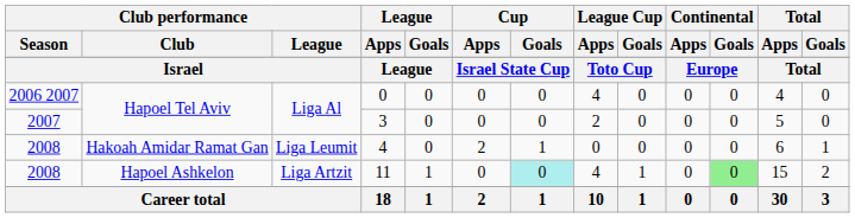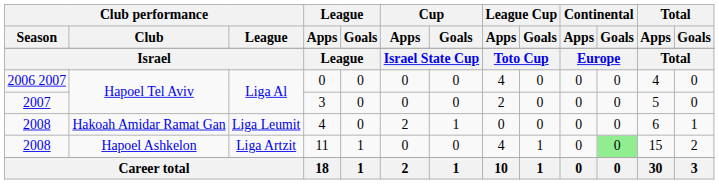 <table class="wikitable" style="text-align:center">
 <tr>
 <th colspan=3>Club performance</th>
 <th colspan=2>League</th>
 <th colspan=2>Cup</th>
 <th colspan=2>League Cup</th>
 <th colspan=2>Continental</th>
 <th colspan=2>Total</th>
 </tr>
 <tr>
 <th>Season</th>
 <th>Club</th>
 <th>League</th>
 <th>Apps</th>
 <th>Goals</th>
 <th>Apps</th>
 <th>Goals</th>
 <th>Apps</th>
 <th>Goals</th>
 <th>Apps</th>
 <th>Goals</th>
 <th>Apps</th>
 <th>Goals</th>
 </tr>
 <tr>
 </tr>
 <tr>
 <th colspan=3>Israel</th>
 <th colspan=2>League</th>
 <th colspan=2><a href='#'>Israel State Cup</a></th>
 <th colspan=2><a href='#'>Toto Cup</a></th>
 <th colspan=2><a href='#'>Europe</a></th>
 <th colspan=2>Total</th>
 </tr>
 <tr>
 <td><a href='#'>2006 2007</a></td>
 <td rowspan="2"><a href='#'>Hapoel Tel Aviv</a></td>
 <td rowspan="2"><a href='#'>Liga Al</a></td>
 <td>0</td>
 <td>0</td>
 <td>0</td>
 <td>0</td>
 <td>4</td>
 <td>0</td>
 <td>0</td>
 <td>0</td>
 <td>4</td>
 <td>0</td>
 </tr>
 <tr>
 <td><a href='#'>2007</a></td>
 <td>3</td>
 <td>0</td>
 <td>0</td>
 <td>0</td>
 <td>2</td>
 <td>0</td>
 <td>0</td>
 <td>0</td>
 <td>5</td>
 <td>0</td>
 </tr>
 <tr>
 <td><a href='#'>2008</a></td>
 <td><a href='#'>Hakoah Amidar Ramat Gan</a></td>
 <td><a href='#'>Liga Leumit</a></td>
 <td>4</td>
 <td>0</td>
 <td>2</td>
 <td>1</td>
 <td>0</td>
 <td>0</td>
 <td>0</td>
 <td>0</td>
 <td>6</td>
 <td>1</td>
 </tr>
 <tr>
 <td><a href='#'>2008</a></td>
 <td><a href='#'>Hapoel Ashkelon</a></td>
 <td><a href='#'>Liga Artzit</a></td>
 <td>11</td>
 <td>1</td>
 <td>0</td>
-<td style="background: paleturquoise;">0</td>
+<td>0</td>
 <td>4</td>
 <td>1</td>
 <td>0</td>
 <td style="background: lightgreen;">0</td>
 <td>15</td>
 <td>2</td>
 </tr>
 <tr>
 </tr>
 <tr>
 <th colspan=3>Career total</th>
 <th>18</th>
 <th>1</th>
 <th>2</th>
 <th>1</th>
 <th>10</th>
 <th>1</th>
 <th>0</th>
 <th>0</th>
 <th>30</th>
 <th>3</th>
 </tr>
 </table>
